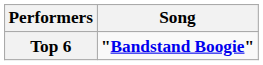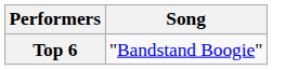 <table class="wikitable unsortable" style="text-align:center;">
 <tr>
 <th scope="col">Performers</th>
 <th scope="col">Song</th>
 </tr>
 <tr>
 <th scope="row">Top 6</th>
-<td><strong>"<a href='#'>Bandstand Boogie</a>"</strong></td>
+<td>"<a href='#'>Bandstand Boogie</a>"</td>
 </tr>
 </table>
